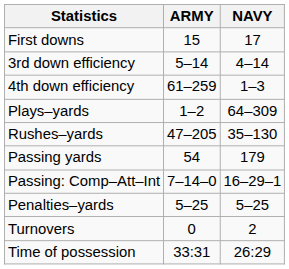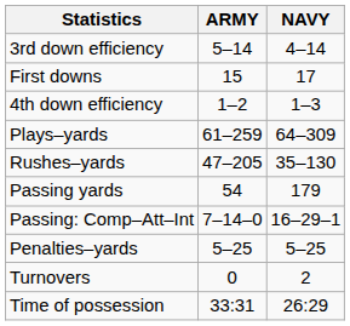 <table class="wikitable">
 <tr>
 <th>Statistics</th>
 <th>ARMY</th>
 <th>NAVY</th>
 </tr>
 <tr>
+<td>3rd down efficiency</td>
+<td align=center>5–14</td>
+<td align=center>4–14</td>
+</tr>
+<tr>
 <td>First downs</td>
 <td align=center>15</td>
 <td align=center>17</td>
 </tr>
 <tr>
-<td>3rd down efficiency</td>
-<td align=center>5–14</td>
-<td align=center>4–14</td>
-</tr>
-<tr>
 <td>4th down efficiency</td>
-<td align=center>61–259</td>
+<td align=center>1–2</td>
 <td align=center>1–3</td>
 </tr>
 <tr>
 <td>Plays–yards</td>
-<td align=center>1–2</td>
+<td align=center>61–259</td>
 <td align=center>64–309</td>
 </tr>
 <tr>
 <td>Rushes–yards</td>
 <td align=center>47–205</td>
 <td align=center>35–130</td>
 </tr>
 <tr>
 <td>Passing yards</td>
 <td align=center>54</td>
 <td align=center>179</td>
 </tr>
 <tr>
 <td>Passing: Comp–Att–Int</td>
 <td align=center>7–14–0</td>
 <td align=center>16–29–1</td>
 </tr>
 <tr>
 <td>Penalties–yards</td>
 <td align=center>5–25</td>
 <td align=center>5–25</td>
 </tr>
 <tr>
 <td>Turnovers</td>
 <td align=center>0</td>
 <td align=center>2</td>
 </tr>
 <tr>
 <td>Time of possession</td>
 <td align=center>33:31</td>
 <td align=center>26:29</td>
 </tr>
 </table>
